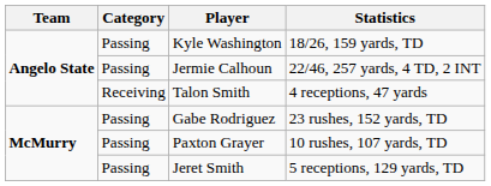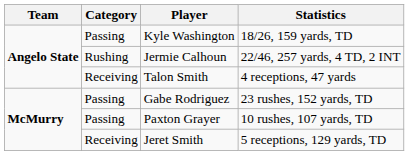 <table class="wikitable" style="float: left;">
 <tr>
 <th>Team</th>
 <th>Category</th>
 <th>Player</th>
 <th>Statistics</th>
 </tr>
 <tr>
 <td rowspan=3><strong>Angelo State</strong></td>
 <td>Passing</td>
 <td>Kyle Washington</td>
 <td>18/26, 159 yards, TD</td>
 </tr>
 <tr>
-<td>Passing</td>
+<td>Rushing</td>
 <td>Jermie Calhoun</td>
 <td>22/46, 257 yards, 4 TD, 2 INT</td>
 </tr>
 <tr>
 <td>Receiving</td>
 <td>Talon Smith</td>
 <td>4 receptions, 47 yards</td>
 </tr>
 <tr>
 <td rowspan=3><strong>McMurry</strong></td>
 <td>Passing</td>
 <td>Gabe Rodriguez</td>
 <td>23 rushes, 152 yards, TD</td>
 </tr>
 <tr>
 <td>Passing</td>
 <td>Paxton Grayer</td>
 <td>10 rushes, 107 yards, TD</td>
 </tr>
 <tr>
-<td>Passing</td>
+<td>Receiving</td>
 <td>Jeret Smith</td>
 <td>5 receptions, 129 yards, TD</td>
 </tr>
 </table>
